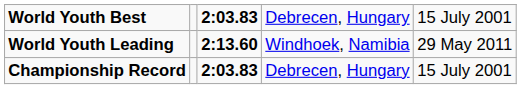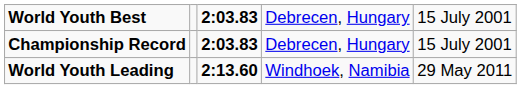 <table class="wikitable">
 <tr>
 <td><strong>World Youth Best</strong></td>
+<td></td>
+<td><strong>2:03.83</strong></td>
+<td><a href='#'>Debrecen</a>, <a href='#'>Hungary</a></td>
+<td>15 July 2001</td>
+</tr>
+<tr>
+<td><strong>Championship Record</strong></td>
 <td></td>
 <td><strong>2:03.83</strong></td>
 <td><a href='#'>Debrecen</a>, <a href='#'>Hungary</a></td>
 <td>15 July 2001</td>
 </tr>
 <tr>
 <td><strong>World Youth Leading</strong></td>
 <td></td>
 <td><strong>2:13.60</strong></td>
 <td><a href='#'>Windhoek</a>, <a href='#'>Namibia</a></td>
 <td>29 May 2011</td>
 </tr>
-<tr>
-<td><strong>Championship Record</strong></td>
-<td></td>
-<td><strong>2:03.83</strong></td>
-<td><a href='#'>Debrecen</a>, <a href='#'>Hungary</a></td>
-<td>15 July 2001</td>
-</tr>
 </table>
